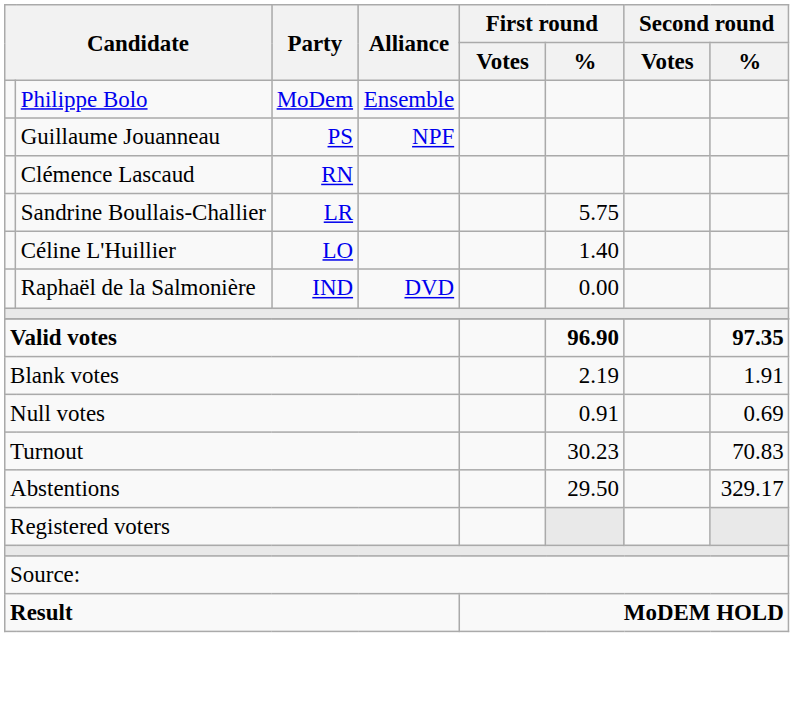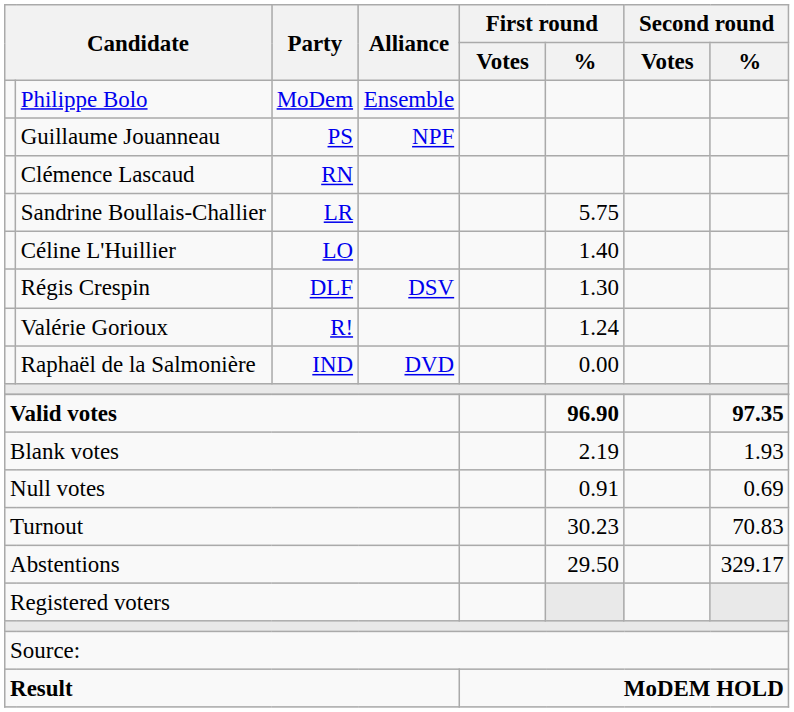 <table class="wikitable" style="text-align:right;font-size:95%;">
 <tr>
 <th colspan="2" rowspan="2">Candidate</th>
 <th colspan="1" rowspan="2">Party</th>
 <th colspan="1" rowspan="2">Alliance</th>
 <th colspan="2">First round</th>
 <th colspan="2">Second round</th>
 </tr>
 <tr>
 <th style="width:50px;">Votes</th>
 <th style="width:45px;">%</th>
 <th style="width:50px;">Votes</th>
 <th style="width:45px;">%</th>
 </tr>
 <tr>
 <td style="color:inherit;background:"></td>
 <td style="text-align:left;"><a href='#'>Philippe Bolo</a></td>
 <td><a href='#'>MoDem</a></td>
 <td><a href='#'>Ensemble</a></td>
 <td></td>
 <td></td>
 <td><strong></strong></td>
 <td><strong></strong></td>
 </tr>
 <tr>
 <td style="color:inherit;background:"></td>
 <td style="text-align:left;">Guillaume Jouanneau</td>
 <td><a href='#'>PS</a></td>
 <td><a href='#'>NPF</a></td>
 <td></td>
 <td></td>
 <td></td>
 <td></td>
 </tr>
 <tr>
 <td style="color:inherit;background:"></td>
 <td style="text-align:left;">Clémence Lascaud</td>
 <td><a href='#'>RN</a></td>
 <td></td>
 <td></td>
 <td></td>
 <td></td>
 <td></td>
 </tr>
 <tr>
 <td style="color:inherit;background:"></td>
 <td style="text-align:left;">Sandrine Boullais-Challier</td>
 <td><a href='#'>LR</a></td>
 <td></td>
 <td></td>
 <td>5.75</td>
 <td></td>
 <td></td>
 </tr>
 <tr>
 <td style="color:inherit;background:"></td>
 <td style="text-align:left;">Céline L'Huillier</td>
 <td><a href='#'>LO</a></td>
 <td></td>
 <td></td>
 <td>1.40</td>
 <td></td>
 <td></td>
 </tr>
 <tr>
 <td style="color:inherit;background:"></td>
+<td style="text-align:left;">Régis Crespin</td>
+<td><a href='#'>DLF</a></td>
+<td><a href='#'>DSV</a></td>
+<td></td>
+<td>1.30</td>
+<td></td>
+<td></td>
+</tr>
+<tr>
+<td style="color:inherit;background:"></td>
+<td style="text-align:left;">Valérie Gorioux</td>
+<td><a href='#'>R!</a></td>
+<td></td>
+<td></td>
+<td>1.24</td>
+<td></td>
+<td></td>
+</tr>
+<tr>
+<td style="color:inherit;background:"></td>
 <td style="text-align:left;">Raphaël de la Salmonière</td>
 <td><a href='#'>IND</a></td>
 <td><a href='#'>DVD</a></td>
 <td></td>
 <td>0.00</td>
 <td></td>
 <td></td>
 </tr>
 <tr>
 <td colspan="8" style="background:#E9E9E9;"></td>
 </tr>
 <tr>
 </tr>
 <tr style="font-weight:bold;">
 <td colspan="4" style="text-align:left;">Valid votes</td>
 <td></td>
 <td>96.90</td>
 <td></td>
 <td>97.35</td>
 </tr>
 <tr>
 <td colspan="4" style="text-align:left;">Blank votes</td>
 <td></td>
 <td>2.19</td>
 <td></td>
-<td>1.91</td>
+<td>1.93</td>
 </tr>
 <tr>
 <td colspan="4" style="text-align:left;">Null votes</td>
 <td></td>
 <td>0.91</td>
 <td></td>
 <td>0.69</td>
 </tr>
 <tr>
 <td colspan="4" style="text-align:left;">Turnout</td>
 <td></td>
 <td>30.23</td>
 <td></td>
 <td>70.83</td>
 </tr>
 <tr>
 <td colspan="4" style="text-align:left;">Abstentions</td>
 <td></td>
 <td>29.50</td>
 <td></td>
 <td>329.17</td>
 </tr>
 <tr>
 <td colspan="4" style="text-align:left;">Registered voters</td>
 <td></td>
 <td style="background:#E9E9E9;"></td>
 <td></td>
 <td style="background:#E9E9E9;"></td>
 </tr>
 <tr>
 <td colspan="8" style="background:#E9E9E9;"></td>
 </tr>
 <tr>
 <td colspan="8" style="text-align:left;">Source: </td>
 </tr>
 <tr style="font-weight:bold">
 <td colspan="4" style="text-align:left;">Result</td>
 <td colspan="4" style="background-color:">MoDEM HOLD</td>
 </tr>
 </table>
